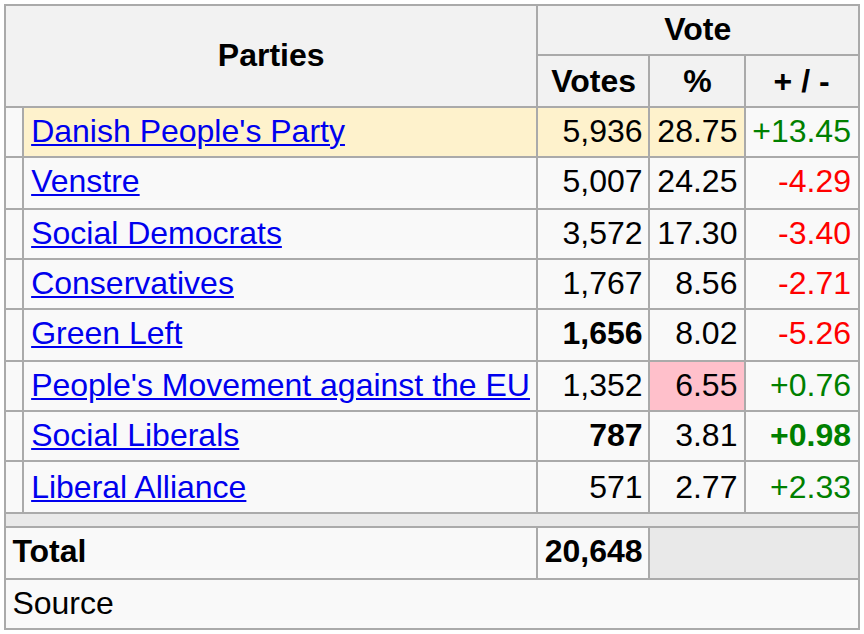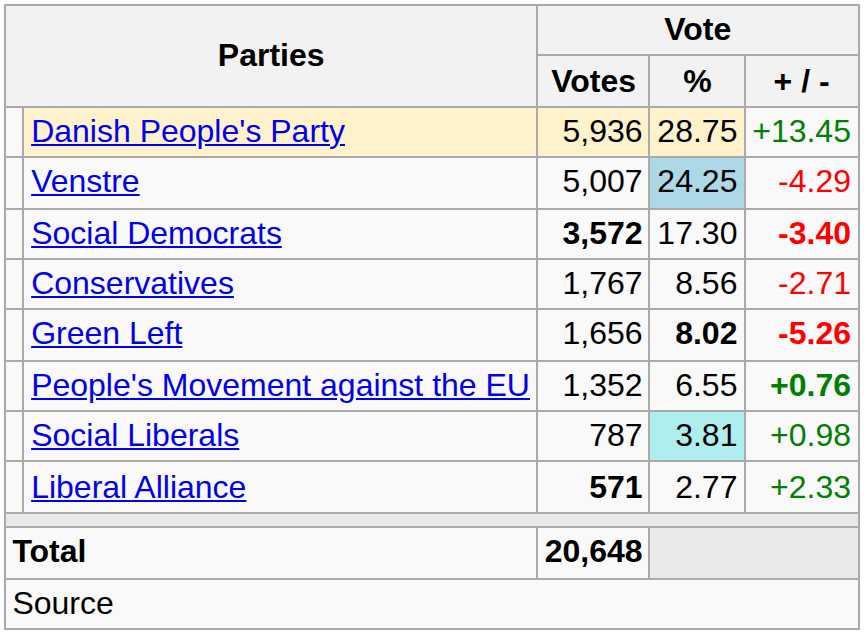 <table class="wikitable" style="text-align:right;">
 <tr>
 <th style="text-align:centre;" rowspan="2" colspan="2" width="225">Parties</th>
 <th colspan="3">Vote</th>
 </tr>
 <tr>
 <th width="15">Votes</th>
 <th width="15">%</th>
 <th width="15">+ / -</th>
 </tr>
 <tr>
 <td width="2" style="color:inherit;background:"></td>
 <td bgcolor=#fef2cc   align="left"><a href='#'>Danish People's Party</a></td>
 <td bgcolor=#fef2cc>5,936</td>
 <td bgcolor=#fef2cc>28.75</td>
 <td style=color:green;>+13.45</td>
 </tr>
 <tr>
 <td width="2" style="color:inherit;background:"></td>
 <td align="left"><a href='#'>Venstre</a></td>
 <td>5,007</td>
-<td>24.25</td>
+<td style="background: lightblue;">24.25</td>
 <td style=color:red;>-4.29</td>
 </tr>
 <tr>
 <td width="2" style="color:inherit;background:"></td>
 <td align="left"><a href='#'>Social Democrats</a></td>
-<td>3,572</td>
+<td><strong>3,572</strong></td>
 <td>17.30</td>
-<td style=color:red;>-3.40</td>
+<td style=color:red;><strong>-3.40</strong></td>
 </tr>
 <tr>
 <td width="2" style="color:inherit;background:"></td>
 <td align="left"><a href='#'>Conservatives</a></td>
 <td>1,767</td>
 <td>8.56</td>
 <td style=color:red;>-2.71</td>
 </tr>
 <tr>
 <td width="2" style="color:inherit;background:"></td>
 <td align="left"><a href='#'>Green Left</a></td>
-<td><strong>1,656</strong></td>
-<td>8.02</td>
-<td style=color:red;>-5.26</td>
+<td>1,656</td>
+<td><strong>8.02</strong></td>
+<td style=color:red;><strong>-5.26</strong></td>
 </tr>
 <tr>
 <td width="2" style="color:inherit;background:"></td>
 <td align="left"><a href='#'>People's Movement against the EU</a></td>
 <td>1,352</td>
-<td style="background: pink;">6.55</td>
-<td style=color:green;>+0.76</td>
+<td>6.55</td>
+<td style=color:green;><strong>+0.76</strong></td>
 </tr>
 <tr>
 <td width="2" style="color:inherit;background:"></td>
 <td align="left"><a href='#'>Social Liberals</a></td>
-<td><strong>787</strong></td>
-<td>3.81</td>
-<td style=color:green;><strong>+0.98</strong></td>
+<td>787</td>
+<td style="background: paleturquoise;">3.81</td>
+<td style=color:green;>+0.98</td>
 </tr>
 <tr>
 <td width="2" style="color:inherit;background:"></td>
 <td align="left"><a href='#'>Liberal Alliance</a></td>
-<td>571</td>
+<td><strong>571</strong></td>
 <td>2.77</td>
 <td style=color:green;>+2.33</td>
 </tr>
 <tr>
 <td colspan="7" bgcolor="#E9E9E9"></td>
 </tr>
 <tr>
 <td align="left" colspan="2"><strong>Total</strong></td>
 <td><strong>20,648</strong></td>
 <td bgcolor="#E9E9E9" colspan="2"></td>
 </tr>
 <tr>
 <td align="left" colspan="6">Source</td>
 </tr>
 </table>
